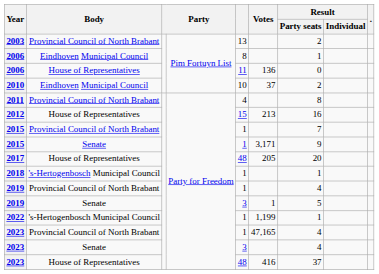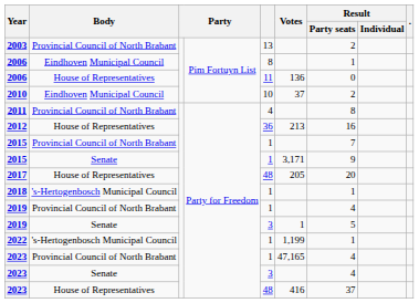 <table class="wikitable plainrowheaders sortable" border=2 cellpadding=4 cellspacing=0 style="border: 1px #aaa solid; font-size: 90%; text-align:center;">
 <tr>
 <th scope="col" rowspan=2>Year</th>
 <th scope="col" rowspan=2>Body</th>
 <th scope="col" colspan=2 rowspan=2>Party</th>
 <th scope="col" rowspan=2></th>
 <th scope="col" rowspan=2>Votes</th>
 <th scope="colgroup" colspan=2>Result</th>
 <th scope="col" rowspan=2 class="unsortable">.</th>
 </tr>
 <tr>
 <th scope="col">Party seats</th>
 <th scope="col">Individual</th>
 </tr>
 <tr>
 <th scope="row"><a href='#'>2003</a></th>
 <td><a href='#'>Provincial Council of North Brabant</a></td>
 <td rowspan="4" style="background-color:"></td>
 <td rowspan="4"><a href='#'>Pim Fortuyn List</a></td>
 <td style=text-align:right>13</td>
 <td style=text-align:right></td>
 <td style=text-align:right>2</td>
 <td></td>
 <td></td>
 </tr>
 <tr>
 <th scope="row"><a href='#'>2006</a></th>
 <td><a href='#'>Eindhoven</a> <a href='#'>Municipal Council</a></td>
 <td style=text-align:right>8</td>
 <td style=text-align:right></td>
 <td style=text-align:right>1</td>
 <td></td>
 <td></td>
 </tr>
 <tr>
 <th scope="row"><a href='#'>2006</a></th>
 <td><a href='#'>House of Representatives</a></td>
 <td style=text-align:right><a href='#'>11</a></td>
 <td style=text-align:right>136</td>
 <td style=text-align:right>0</td>
 <td></td>
 <td></td>
 </tr>
 <tr>
 <th scope="row"><a href='#'>2010</a></th>
 <td><a href='#'>Eindhoven</a> <a href='#'>Municipal Council</a></td>
 <td style=text-align:right>10</td>
 <td style=text-align:right>37</td>
 <td style=text-align:right>2</td>
 <td></td>
 <td></td>
 </tr>
 <tr>
 <th scope="row"><a href='#'>2011</a></th>
 <td><a href='#'>Provincial Council of North Brabant</a></td>
 <td rowspan="12" style="background-color:"></td>
 <td rowspan="12"><a href='#'>Party for Freedom</a></td>
 <td style=text-align:right>4</td>
 <td style=text-align:right></td>
 <td style=text-align:right>8</td>
 <td></td>
 <td></td>
 </tr>
 <tr>
 <th scope="row"><a href='#'>2012</a></th>
 <td>House of Representatives</td>
-<td style=text-align:right><a href='#'>15</a></td>
+<td style=text-align:right><a href='#'>36</a></td>
 <td style=text-align:right>213</td>
 <td style=text-align:right>16</td>
 <td></td>
 <td></td>
 </tr>
 <tr>
 <th scope="row"><a href='#'>2015</a></th>
 <td><a href='#'>Provincial Council of North Brabant</a></td>
 <td style=text-align:right>1</td>
 <td style=text-align:right></td>
 <td style=text-align:right>7</td>
 <td></td>
 <td></td>
 </tr>
 <tr>
 <th scope="row"><a href='#'>2015</a></th>
 <td><a href='#'>Senate</a></td>
 <td style=text-align:right><a href='#'>1</a></td>
 <td style=text-align:right>3,171</td>
 <td style=text-align:right>9</td>
 <td></td>
 <td></td>
 </tr>
 <tr>
 <th scope="row"><a href='#'>2017</a></th>
 <td>House of Representatives</td>
 <td style=text-align:right><a href='#'>48</a></td>
 <td style=text-align:right>205</td>
 <td style=text-align:right>20</td>
 <td></td>
 <td></td>
 </tr>
 <tr>
 <th scope="row"><a href='#'>2018</a></th>
 <td><a href='#'>'s-Hertogenbosch</a> Municipal Council</td>
 <td style=text-align:right>1</td>
 <td style=text-align:right></td>
 <td style=text-align:right>1</td>
 <td></td>
 <td></td>
 </tr>
 <tr>
 <th scope="row"><a href='#'>2019</a></th>
 <td>Provincial Council of North Brabant</td>
 <td style=text-align:right>1</td>
 <td style=text-align:right></td>
 <td style=text-align:right>4</td>
 <td></td>
 <td></td>
 </tr>
 <tr>
 <th scope="row"><a href='#'>2019</a></th>
 <td>Senate</td>
 <td style=text-align:right><a href='#'>3</a></td>
 <td style=text-align:right>1</td>
 <td style=text-align:right>5</td>
 <td></td>
 <td></td>
 </tr>
 <tr>
 <th scope="row"><a href='#'>2022</a></th>
 <td>'s-Hertogenbosch Municipal Council</td>
 <td style=text-align:right>1</td>
 <td style=text-align:right>1,199</td>
 <td style=text-align:right>1</td>
 <td></td>
 <td></td>
 </tr>
 <tr>
 <th scope="row"><a href='#'>2023</a></th>
 <td>Provincial Council of North Brabant</td>
 <td style=text-align:right>1</td>
 <td style=text-align:right>47,165</td>
 <td style=text-align:right>4</td>
 <td></td>
 <td></td>
 </tr>
 <tr>
 <th scope="row"><a href='#'>2023</a></th>
 <td>Senate</td>
 <td style=text-align:right><a href='#'>3</a></td>
 <td style=text-align:right></td>
 <td style=text-align:right>4</td>
 <td></td>
 <td></td>
 </tr>
 <tr>
 <th scope="row"><a href='#'>2023</a></th>
 <td>House of Representatives</td>
 <td style=text-align:right><a href='#'>48</a></td>
 <td style=text-align:right>416</td>
 <td style=text-align:right>37</td>
 <td></td>
 <td></td>
 </tr>
 </table>
